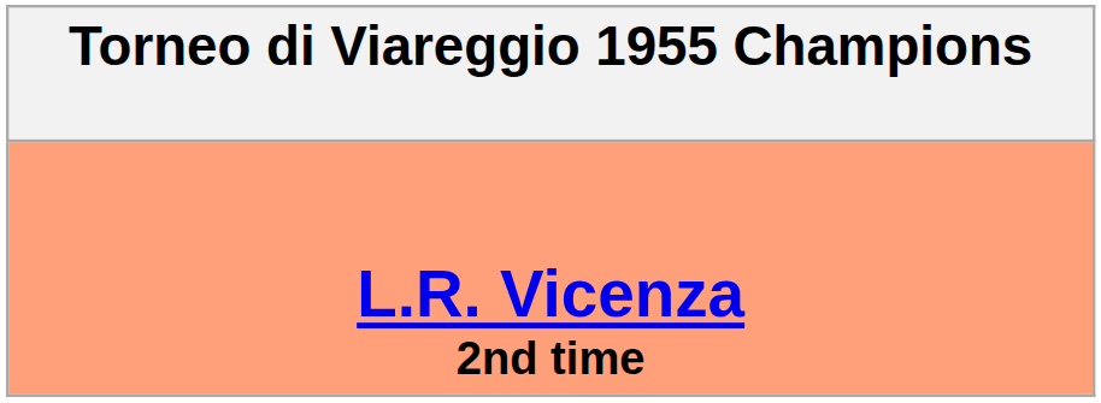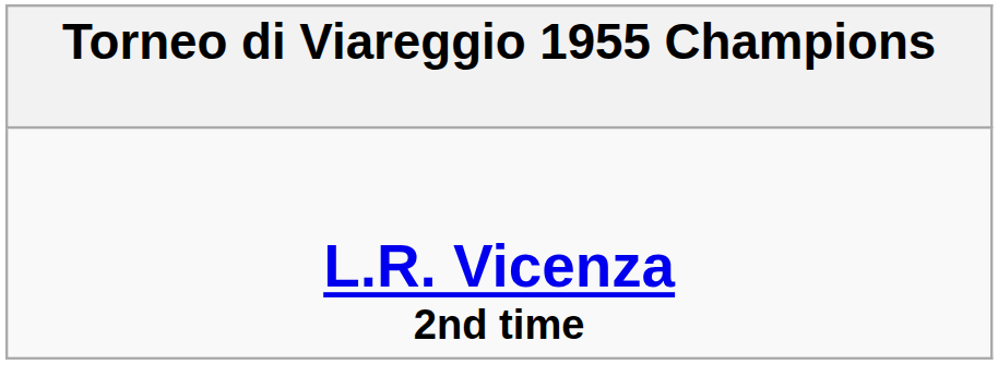 <table class="wikitable" style="margin: 0 auto; width: 30%;">
 <tr>
 <th><big>Torneo di Viareggio 1955 Champions</big><br><br></th>
 </tr>
 <tr>
-<td align=center style="background: lightsalmon;"><br><br><big><big><strong><a href='#'>L.R. Vicenza</a></strong><br></big></big><strong>2nd time</strong></td>
+<td align=center><br><br><big><big><strong><a href='#'>L.R. Vicenza</a></strong><br></big></big><strong>2nd time</strong></td>
 </tr>
 </table>
